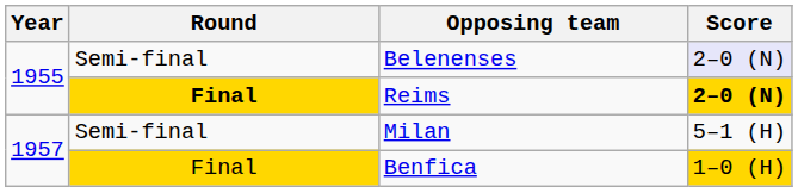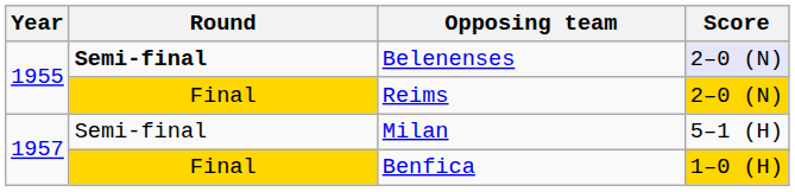 <table class="wikitable sortable">
 <tr>
 <th>Year</th>
 <th width=175>Round</th>
 <th width=175>Opposing team</th>
 <th>Score</th>
 </tr>
 <tr>
 <td rowspan="2"><a href='#'>1955</a></td>
-<td>Semi-final</td>
+<td><strong>Semi-final</strong></td>
 <td> <a href='#'>Belenenses</a></td>
 <td style="background: lavender;">2–0 (N)</td>
 </tr>
 <tr>
-<td style="text-align:center; background:gold;"><strong>Final</strong></td>
+<td style="text-align:center; background:gold;">Final</td>
 <td> <a href='#'>Reims</a></td>
-<td style="text-align:center; background:gold;"><strong>2–0 (N)</strong></td>
+<td style="text-align:center; background:gold;">2–0 (N)</td>
 </tr>
 <tr>
 <td rowspan="2"><a href='#'>1957</a></td>
 <td>Semi-final</td>
 <td> <a href='#'>Milan</a></td>
 <td>5–1 (H)</td>
 </tr>
 <tr>
 <td style="text-align:center; background:gold;">Final</td>
 <td> <a href='#'>Benfica</a></td>
 <td style="text-align:center; background:gold;">1–0 (H)</td>
 </tr>
 </table>
